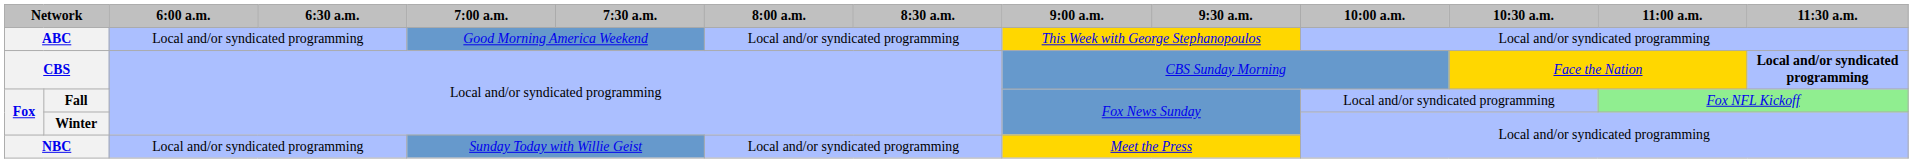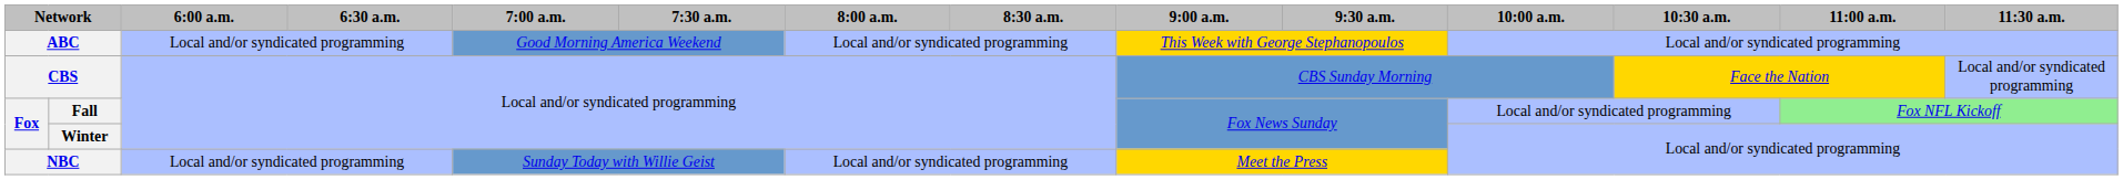 <table class="wikitable" style="width:100%;margin-right:0;font-size:90%;text-align:center">
 <tr>
 <th colspan="2" style="background:#C0C0C0; width:1.5%; text-align:center;">Network</th>
 <th width="4%" style="background:#C0C0C0; text-align:center;">6:00 a.m.</th>
 <th width="4%" style="background:#C0C0C0; text-align:center;">6:30 a.m.</th>
 <th width="4%" style="background:#C0C0C0; text-align:center;">7:00 a.m.</th>
 <th width="4%" style="background:#C0C0C0; text-align:center;">7:30 a.m.</th>
 <th width="4%" style="background:#C0C0C0; text-align:center;">8:00 a.m.</th>
 <th width="4%" style="background:#C0C0C0; text-align:center;">8:30 a.m.</th>
 <th width="4%" style="background:#C0C0C0; text-align:center;">9:00 a.m.</th>
 <th width="4%" style="background:#C0C0C0; text-align:center;">9:30 a.m.</th>
 <th width="4%" style="background:#C0C0C0; text-align:center;">10:00 a.m.</th>
 <th width="4%" style="background:#C0C0C0; text-align:center;">10:30 a.m.</th>
 <th width="4%" style="background:#C0C0C0; text-align:center;">11:00 a.m.</th>
 <th width="4%" style="background:#C0C0C0; text-align:center;">11:30 a.m.</th>
 </tr>
 <tr>
 <th colspan="2"><a href='#'>ABC</a></th>
 <td colspan="2" style="background:#abbfff;">Local and/or syndicated programming</td>
 <td colspan="2" style="background: #6699CC;"><em><a href='#'>Good Morning America Weekend</a></em></td>
 <td colspan="2" style="background:#abbfff;">Local and/or syndicated programming</td>
 <td colspan="2" style="background:#ffd700;"><em><a href='#'>This Week with George Stephanopoulos</a></em></td>
 <td colspan="4" style="background:#abbfff;">Local and/or syndicated programming</td>
 </tr>
 <tr>
 <th colspan="2"><a href='#'>CBS</a></th>
 <td colspan="6" rowspan="3" style="background:#abbfff;">Local and/or syndicated programming</td>
 <td colspan="3" style="background: #6699CC;"><em><a href='#'>CBS Sunday Morning</a></em></td>
 <td colspan="2" style="background:#ffd700;"><em><a href='#'>Face the Nation</a></em></td>
-<td style="background:#abbfff;"><strong>Local and/or syndicated programming</strong></td>
+<td style="background:#abbfff;">Local and/or syndicated programming</td>
 </tr>
 <tr>
 <th rowspan="2"><a href='#'>Fox</a></th>
 <th>Fall</th>
 <td colspan="2" rowspan="2" style="background: #6699CC;"><em><a href='#'>Fox News Sunday</a></em></td>
 <td colspan="2" rowspan="1" style="background:#abbfff">Local and/or syndicated programming</td>
 <td colspan="2" style="background:lightgreen;"><em><a href='#'>Fox NFL Kickoff</a></em></td>
 </tr>
 <tr>
 <th>Winter</th>
 <td colspan="4" rowspan="2" style="background:#abbfff;">Local and/or syndicated programming</td>
 </tr>
 <tr>
 <th colspan="2"><a href='#'>NBC</a></th>
 <td colspan="2" style="background:#abbfff;">Local and/or syndicated programming</td>
 <td colspan="2" style="background: #6699CC;"><em><a href='#'>Sunday Today with Willie Geist</a></em></td>
 <td colspan="2" style="background:#abbfff;">Local and/or syndicated programming</td>
 <td colspan="2" style="background:#ffd700;"><em><a href='#'>Meet the Press</a></em></td>
 </tr>
 </table>
